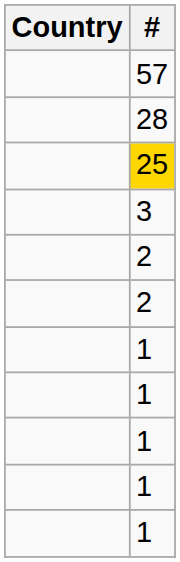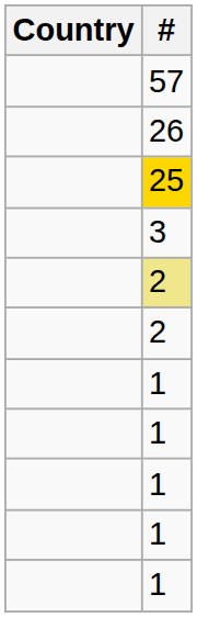 <table class="wikitable sortable">
 <tr>
 <th>Country</th>
 <th>#</th>
 </tr>
 <tr>
 <td></td>
 <td>57</td>
 </tr>
 <tr>
 <td></td>
-<td>28</td>
+<td>26</td>
 </tr>
 <tr>
 <td></td>
 <td style="background: gold;">25</td>
 </tr>
 <tr>
 <td></td>
 <td>3</td>
 </tr>
 <tr>
 <td></td>
-<td>2</td>
+<td style="background: khaki;">2</td>
 </tr>
 <tr>
 <td></td>
 <td>2</td>
 </tr>
 <tr>
 <td></td>
 <td>1</td>
 </tr>
 <tr>
 <td></td>
 <td>1</td>
 </tr>
 <tr>
 <td></td>
 <td>1</td>
 </tr>
 <tr>
 <td></td>
 <td>1</td>
 </tr>
 <tr>
 <td></td>
 <td>1</td>
 </tr>
 </table>
